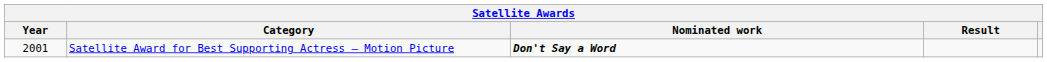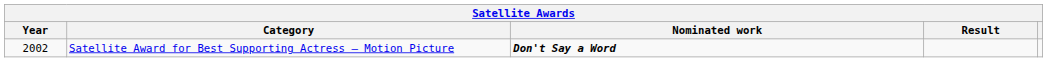 <table style="width:80%;" class="wikitable">
 <tr>
 <th colspan="5" style="text-align:center;"><a href='#'>Satellite Awards</a></th>
 </tr>
 <tr>
 <th width="6%" scope="col">Year</th>
 <th width="43%" scope="col">Category</th>
 <th width="40%" scope="col">Nominated work</th>
 <th width="11%" scope="col">Result</th>
 <th></th>
 </tr>
 <tr>
-<td style="text-align:center;">2001</td>
+<td style="text-align:center;">2002</td>
 <td><a href='#'>Satellite Award for Best Supporting Actress – Motion Picture</a></td>
 <td><strong><em>Don't Say a Word</em></strong></td>
 <td></td>
 <td></td>
 </tr>
 </table>
